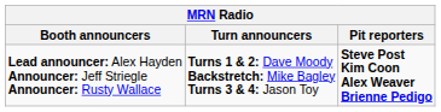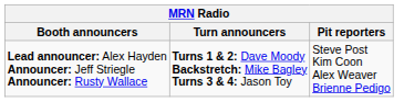 <table class="wikitable" style="font-size: 95%;">
 <tr>
 <th colspan="3"><a href='#'>MRN</a> Radio</th>
 </tr>
 <tr>
 <th>Booth announcers</th>
 <th>Turn announcers</th>
 <th>Pit reporters</th>
 </tr>
 <tr>
 <td><strong>Lead announcer:</strong> Alex Hayden<br><strong>Announcer:</strong> Jeff Striegle<br><strong>Announcer:</strong> <a href='#'>Rusty Wallace</a></td>
 <td><strong>Turns 1 & 2:</strong> <a href='#'>Dave Moody</a><br><strong>Backstretch:</strong> <a href='#'>Mike Bagley</a><br><strong>Turns 3 & 4:</strong> Jason Toy</td>
-<td><strong>Steve Post<br>Kim Coon<br>Alex Weaver<br><a href='#'>Brienne Pedigo</a></strong></td>
+<td>Steve Post<br>Kim Coon<br>Alex Weaver<br><a href='#'>Brienne Pedigo</a></td>
 </tr>
 </table>
